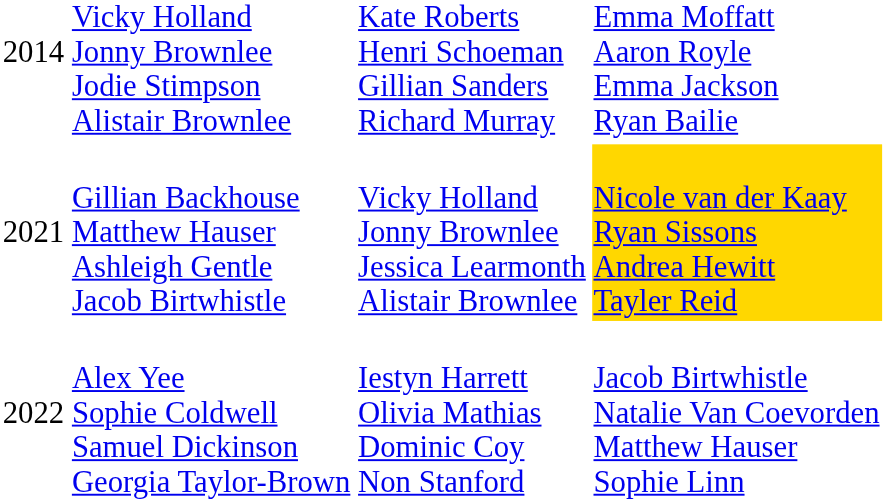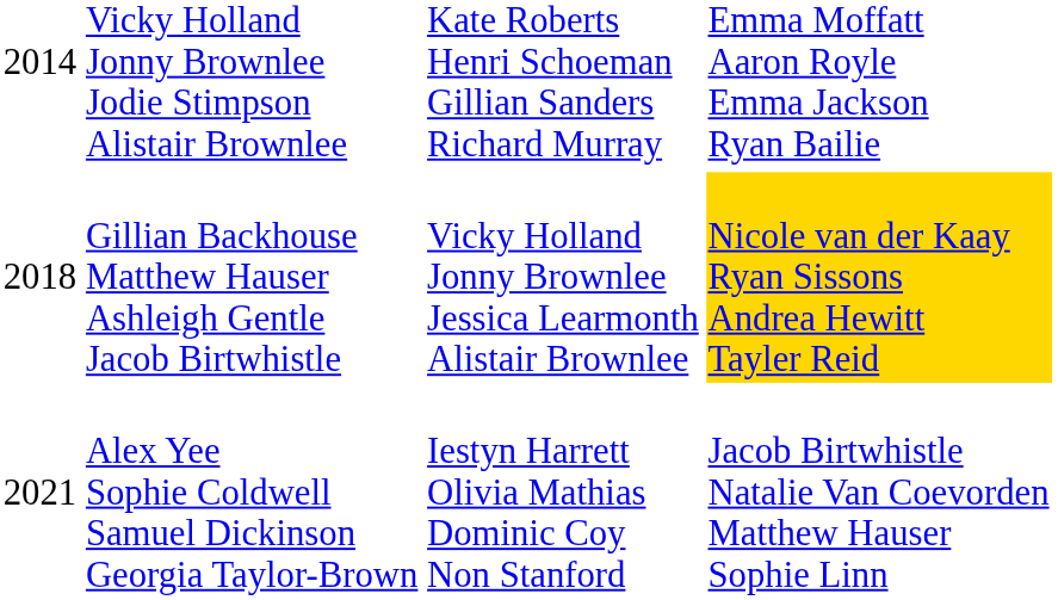 <table>
 <tr>
 <td>2014<br></td>
 <td><br><a href='#'>Vicky Holland</a><br><a href='#'>Jonny Brownlee</a><br><a href='#'>Jodie Stimpson</a><br><a href='#'>Alistair Brownlee</a></td>
 <td><br><a href='#'>Kate Roberts</a><br><a href='#'>Henri Schoeman</a><br><a href='#'>Gillian Sanders</a><br><a href='#'>Richard Murray</a></td>
 <td><br><a href='#'>Emma Moffatt</a><br><a href='#'>Aaron Royle</a><br><a href='#'>Emma Jackson</a><br><a href='#'>Ryan Bailie</a></td>
 </tr>
 <tr>
-<td>2021<br></td>
+<td>2018<br></td>
 <td><br><a href='#'>Gillian Backhouse</a><br><a href='#'>Matthew Hauser</a><br><a href='#'>Ashleigh Gentle</a><br><a href='#'>Jacob Birtwhistle</a></td>
 <td><br><a href='#'>Vicky Holland</a><br><a href='#'>Jonny Brownlee</a><br><a href='#'>Jessica Learmonth</a><br><a href='#'>Alistair Brownlee</a></td>
 <td style="background: gold;"><br><a href='#'>Nicole van der Kaay</a><br><a href='#'>Ryan Sissons</a><br><a href='#'>Andrea Hewitt</a><br><a href='#'>Tayler Reid</a></td>
 </tr>
 <tr>
-<td>2022<br></td>
+<td>2021<br></td>
 <td><br><a href='#'>Alex Yee</a><br><a href='#'>Sophie Coldwell</a><br><a href='#'>Samuel Dickinson</a><br><a href='#'>Georgia Taylor-Brown</a></td>
 <td><br><a href='#'>Iestyn Harrett</a><br><a href='#'>Olivia Mathias</a><br><a href='#'>Dominic Coy</a><br><a href='#'>Non Stanford</a></td>
 <td><br><a href='#'>Jacob Birtwhistle</a><br><a href='#'>Natalie Van Coevorden</a><br><a href='#'>Matthew Hauser</a><br><a href='#'>Sophie Linn</a></td>
 </tr>
 </table>
